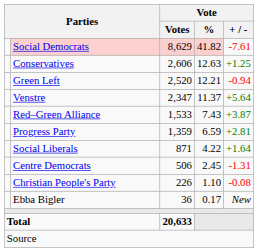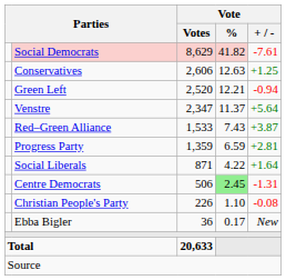 <table class="wikitable" style="text-align:right;">
 <tr>
 <th style="text-align:centre;" rowspan="2" colspan="2" width="225">Parties</th>
 <th colspan="3">Vote</th>
 </tr>
 <tr>
 <th width="15">Votes</th>
 <th width="15">%</th>
 <th width="15">+ / -</th>
 </tr>
 <tr>
 <td width="2" style="color:inherit;background:"></td>
 <td bgcolor=#fbd0ce  align="left"><a href='#'>Social Democrats</a></td>
 <td bgcolor=#fbd0ce>8,629</td>
 <td bgcolor=#fbd0ce>41.82</td>
 <td style=color:red;>-7.61</td>
 </tr>
 <tr>
 <td width="2" style="color:inherit;background:"></td>
 <td align="left"><a href='#'>Conservatives</a></td>
 <td>2,606</td>
 <td>12.63</td>
 <td style=color:green;>+1.25</td>
 </tr>
 <tr>
 <td width="2" style="color:inherit;background:"></td>
 <td align="left"><a href='#'>Green Left</a></td>
 <td>2,520</td>
 <td>12.21</td>
 <td style=color:red;>-0.94</td>
 </tr>
 <tr>
 <td width="2" style="color:inherit;background:"></td>
 <td align="left"><a href='#'>Venstre</a></td>
 <td>2,347</td>
 <td>11.37</td>
 <td style=color:green;>+5.64</td>
 </tr>
 <tr>
 <td width="2" style="color:inherit;background:"></td>
 <td align="left"><a href='#'>Red–Green Alliance</a></td>
 <td>1,533</td>
 <td>7.43</td>
 <td style=color:green;>+3.87</td>
 </tr>
 <tr>
 <td width="2" style="color:inherit;background:"></td>
 <td align="left"><a href='#'>Progress Party</a></td>
 <td>1,359</td>
 <td>6.59</td>
 <td style=color:green;>+2.81</td>
 </tr>
 <tr>
 <td width="2" style="color:inherit;background:"></td>
 <td align="left"><a href='#'>Social Liberals</a></td>
 <td>871</td>
 <td>4.22</td>
 <td style=color:green;>+1.64</td>
 </tr>
 <tr>
 <td width="2" style="color:inherit;background:"></td>
 <td align="left"><a href='#'>Centre Democrats</a></td>
 <td>506</td>
-<td>2.45</td>
+<td style="background: lightgreen;">2.45</td>
 <td style=color:red;>-1.31</td>
 </tr>
 <tr>
 <td width="2" style="color:inherit;background:"></td>
 <td align="left"><a href='#'>Christian People's Party</a></td>
 <td>226</td>
 <td>1.10</td>
 <td style=color:red;>-0.08</td>
 </tr>
 <tr>
 <td width="2" style="color:inherit;background:"></td>
 <td align="left">Ebba Bigler</td>
 <td>36</td>
 <td>0.17</td>
 <td><em>New</em></td>
 </tr>
 <tr>
 <td colspan="7" bgcolor="#E9E9E9"></td>
 </tr>
 <tr>
 <td align="left" colspan="2"><strong>Total</strong></td>
 <td><strong>20,633</strong></td>
 <td bgcolor="#E9E9E9" colspan="2"></td>
 </tr>
 <tr>
 <td align="left" colspan="6">Source</td>
 </tr>
 </table>
